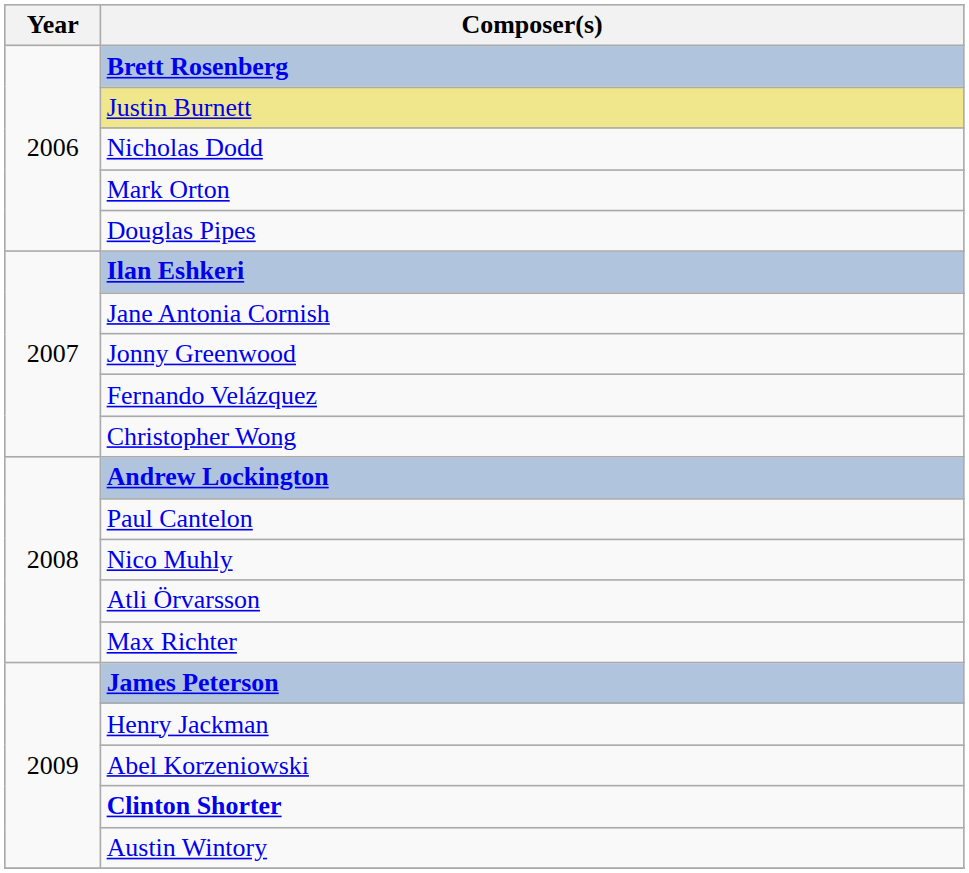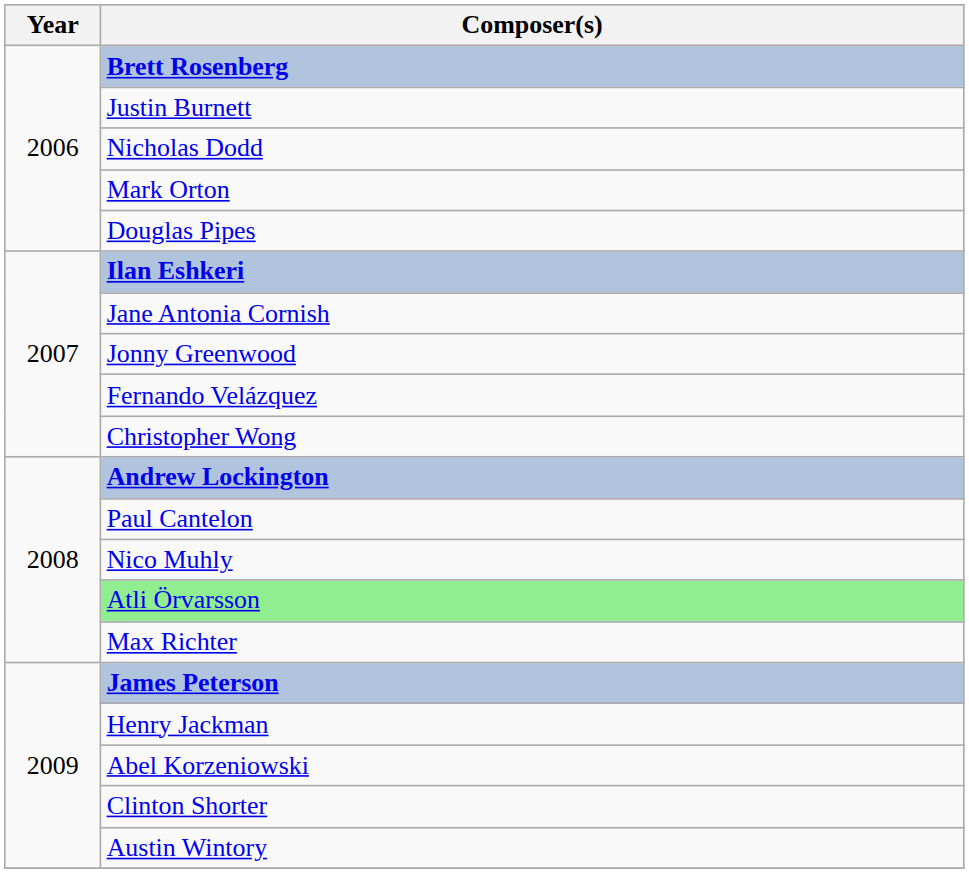 <table class="wikitable" width="95%" cellpadding="5">
 <tr>
 <th width="10%">Year</th>
 <th width="90%">Composer(s)</th>
 </tr>
 <tr>
 <td rowspan="5" style="text-align:center;">2006<br></td>
 <td style="background:#B0C4DE;"><strong><a href='#'>Brett Rosenberg</a></strong></td>
 </tr>
 <tr>
-<td style="background: khaki;"><a href='#'>Justin Burnett</a></td>
+<td><a href='#'>Justin Burnett</a></td>
 </tr>
 <tr>
 <td><a href='#'>Nicholas Dodd</a></td>
 </tr>
 <tr>
 <td><a href='#'>Mark Orton</a></td>
 </tr>
 <tr>
 <td><a href='#'>Douglas Pipes</a></td>
 </tr>
 <tr>
 <td rowspan="5" style="text-align:center;">2007<br></td>
 <td style="background:#B0C4DE;"><strong><a href='#'>Ilan Eshkeri</a></strong></td>
 </tr>
 <tr>
 <td><a href='#'>Jane Antonia Cornish</a></td>
 </tr>
 <tr>
 <td><a href='#'>Jonny Greenwood</a></td>
 </tr>
 <tr>
 <td><a href='#'>Fernando Velázquez</a></td>
 </tr>
 <tr>
 <td><a href='#'>Christopher Wong</a></td>
 </tr>
 <tr>
 <td rowspan="5" style="text-align:center;">2008<br></td>
 <td style="background:#B0C4DE;"><strong><a href='#'>Andrew Lockington</a></strong></td>
 </tr>
 <tr>
 <td><a href='#'>Paul Cantelon</a></td>
 </tr>
 <tr>
 <td><a href='#'>Nico Muhly</a></td>
 </tr>
 <tr>
-<td><a href='#'>Atli Örvarsson</a></td>
+<td style="background: lightgreen;"><a href='#'>Atli Örvarsson</a></td>
 </tr>
 <tr>
 <td><a href='#'>Max Richter</a></td>
 </tr>
 <tr>
 <td rowspan="5" style="text-align:center;">2009<br></td>
 <td style="background:#B0C4DE;"><strong><a href='#'>James Peterson</a></strong></td>
 </tr>
 <tr>
 <td><a href='#'>Henry Jackman</a></td>
 </tr>
 <tr>
 <td><a href='#'>Abel Korzeniowski</a></td>
 </tr>
 <tr>
-<td><strong><a href='#'>Clinton Shorter</a></strong></td>
+<td><a href='#'>Clinton Shorter</a></td>
 </tr>
 <tr>
 <td><a href='#'>Austin Wintory</a></td>
 </tr>
 <tr>
 </tr>
 </table>
